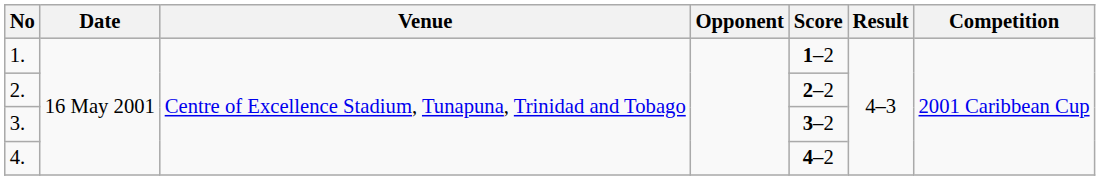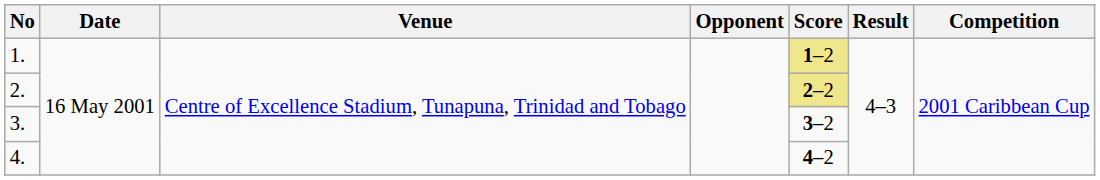 <table class="wikitable" style="font-size:85%;">
 <tr>
 <th>No</th>
 <th>Date</th>
 <th>Venue</th>
 <th>Opponent</th>
 <th>Score</th>
 <th>Result</th>
 <th>Competition</th>
 </tr>
 <tr>
 <td>1.</td>
 <td rowspan="4">16 May 2001</td>
 <td rowspan="4"><a href='#'>Centre of Excellence Stadium</a>, <a href='#'>Tunapuna</a>, <a href='#'>Trinidad and Tobago</a></td>
 <td rowspan="4"></td>
-<td align=center><strong>1</strong>–2</td>
+<td align=center style="background: khaki;"><strong>1</strong>–2</td>
 <td rowspan="4" style="text-align:center">4–3</td>
 <td rowspan="4"><a href='#'>2001 Caribbean Cup</a></td>
 </tr>
 <tr>
 <td>2.</td>
-<td align=center><strong>2</strong>–2</td>
+<td align=center style="background: khaki;"><strong>2</strong>–2</td>
 </tr>
 <tr>
 <td>3.</td>
 <td align=center><strong>3</strong>–2</td>
 </tr>
 <tr>
 <td>4.</td>
 <td align=center><strong>4</strong>–2</td>
 </tr>
 </table>
